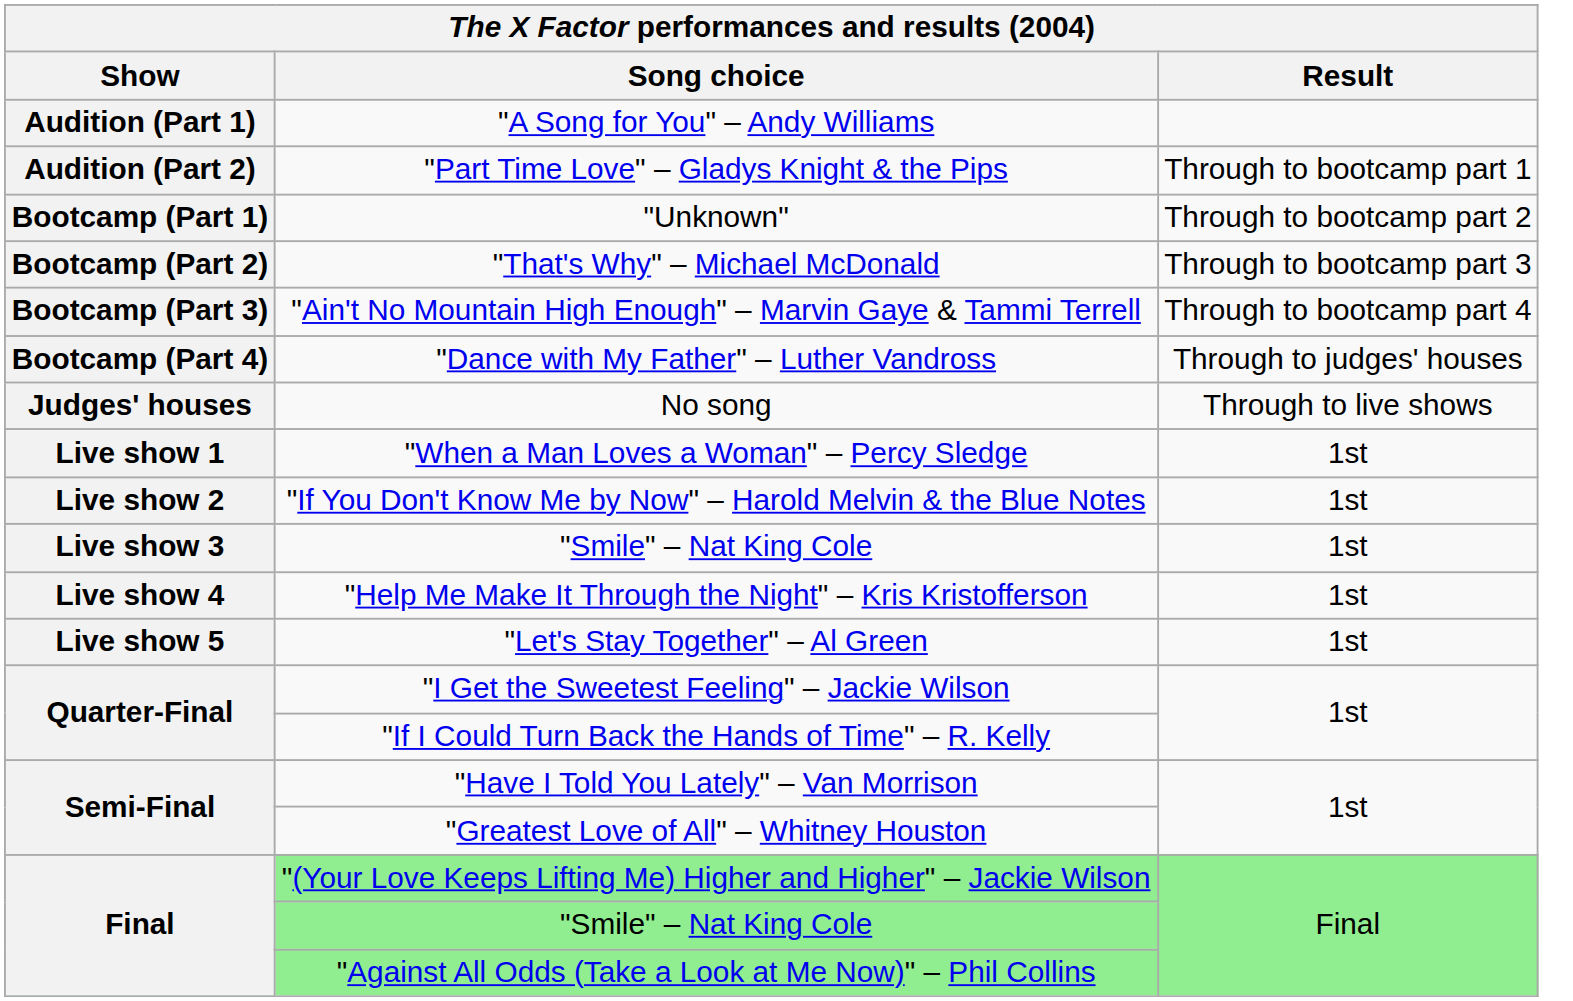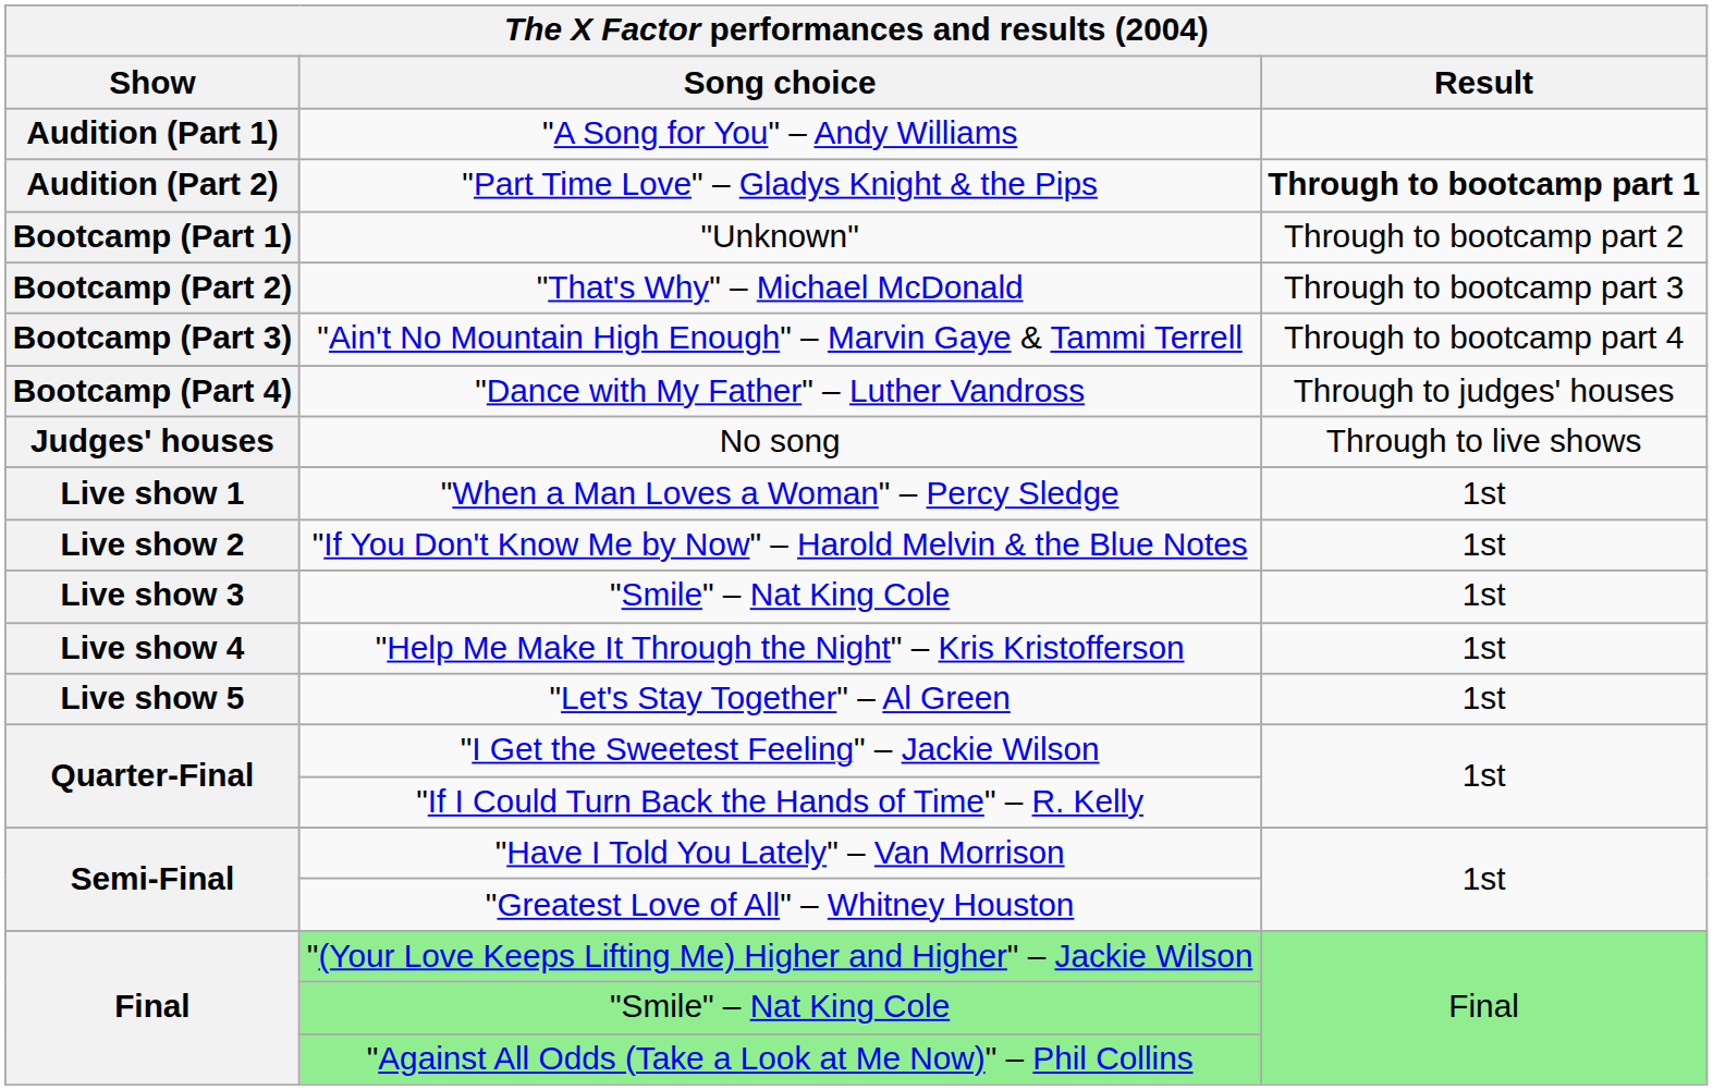 <table class="wikitable collapsible collapsed" style="margin:1em audto 1em; text-align:center;">
 <tr>
 <th scope="col" colspan="3"><em>The X Factor</em> performances and results (2004)</th>
 </tr>
 <tr>
 <th scope="col">Show</th>
 <th scope="col">Song choice</th>
 <th scope="col">Result</th>
 </tr>
 <tr>
 <th>Audition (Part 1)</th>
 <td>"<a href='#'>A Song for You</a>" – <a href='#'>Andy Williams</a></td>
 </tr>
 <tr>
 <th>Audition (Part 2)</th>
 <td>"<a href='#'>Part Time Love</a>" – <a href='#'>Gladys Knight & the Pips</a></td>
-<td>Through to bootcamp part 1</td>
+<td><strong>Through to bootcamp part 1</strong></td>
 </tr>
 <tr>
 <th>Bootcamp (Part 1)</th>
 <td>"Unknown"</td>
 <td>Through to bootcamp part 2</td>
 </tr>
 <tr>
 <th>Bootcamp (Part 2)</th>
 <td>"<a href='#'>That's Why</a>" – <a href='#'>Michael McDonald</a></td>
 <td>Through to bootcamp part 3</td>
 </tr>
 <tr>
 <th>Bootcamp (Part 3)</th>
 <td>"<a href='#'>Ain't No Mountain High Enough</a>" – <a href='#'>Marvin Gaye</a> & <a href='#'>Tammi Terrell</a></td>
 <td>Through to bootcamp part 4</td>
 </tr>
 <tr>
 <th>Bootcamp (Part 4)</th>
 <td>"<a href='#'>Dance with My Father</a>" – <a href='#'>Luther Vandross</a></td>
 <td>Through to judges' houses</td>
 </tr>
 <tr>
 <th>Judges' houses</th>
 <td>No song</td>
 <td>Through to live shows</td>
 </tr>
 <tr>
 <th>Live show 1</th>
 <td>"<a href='#'>When a Man Loves a Woman</a>" – <a href='#'>Percy Sledge</a></td>
 <td>1st</td>
 </tr>
 <tr>
 <th>Live show 2</th>
 <td>"<a href='#'>If You Don't Know Me by Now</a>" – <a href='#'>Harold Melvin & the Blue Notes</a></td>
 <td>1st</td>
 </tr>
 <tr>
 <th>Live show 3</th>
 <td>"<a href='#'>Smile</a>" – <a href='#'>Nat King Cole</a></td>
 <td>1st</td>
 </tr>
 <tr>
 <th>Live show 4</th>
 <td>"<a href='#'>Help Me Make It Through the Night</a>" – <a href='#'>Kris Kristofferson</a></td>
 <td>1st</td>
 </tr>
 <tr>
 <th>Live show 5</th>
 <td>"<a href='#'>Let's Stay Together</a>" – <a href='#'>Al Green</a></td>
 <td>1st</td>
 </tr>
 <tr>
 <th rowspan="2">Quarter-Final</th>
 <td>"<a href='#'>I Get the Sweetest Feeling</a>" – <a href='#'>Jackie Wilson</a></td>
 <td rowspan="2">1st</td>
 </tr>
 <tr>
 <td>"<a href='#'>If I Could Turn Back the Hands of Time</a>" – <a href='#'>R. Kelly</a></td>
 </tr>
 <tr>
 <th rowspan="2">Semi-Final</th>
 <td>"<a href='#'>Have I Told You Lately</a>" – <a href='#'>Van Morrison</a></td>
 <td rowspan="2">1st</td>
 </tr>
 <tr>
 <td>"<a href='#'>Greatest Love of All</a>" – <a href='#'>Whitney Houston</a></td>
 </tr>
 <tr style="background:lightgreen;">
 <th rowspan="3">Final</th>
 <td>"<a href='#'>(Your Love Keeps Lifting Me) Higher and Higher</a>" – <a href='#'>Jackie Wilson</a></td>
 <td rowspan="3">Final</td>
 </tr>
 <tr style="background:lightgreen;">
 <td>"Smile" – <a href='#'>Nat King Cole</a></td>
 </tr>
 <tr style="background:lightgreen;">
 <td>"<a href='#'>Against All Odds (Take a Look at Me Now)</a>" – <a href='#'>Phil Collins</a></td>
 </tr>
 </table>
